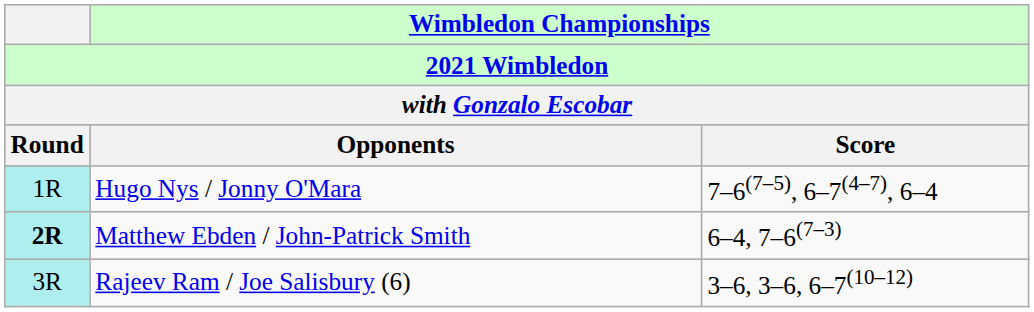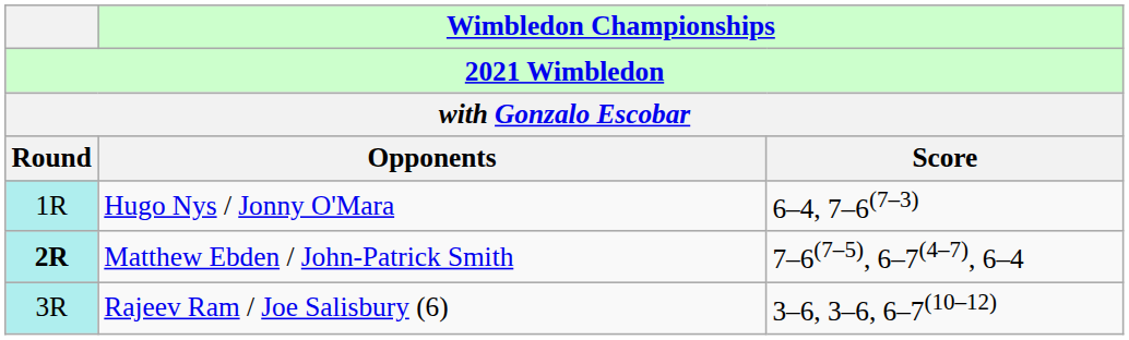 <table class="wikitable collapsible collapsed">
 <tr>
 <th></th>
 <th colspan=2 style="background:#cfc;"><a href='#'>Wimbledon Championships</a></th>
 </tr>
 <tr>
 <th colspan=3 style="background:#cfc;"><a href='#'>2021 Wimbledon</a></th>
 </tr>
 <tr>
 <th colspan=3><em>with  <a href='#'>Gonzalo Escobar</a></em></th>
 </tr>
 <tr>
 <th>Round</th>
 <th width=380>Opponents</th>
 <th width=200>Score</th>
 </tr>
 <tr>
 <td style="text-align:center; background:#afeeee;">1R</td>
 <td> <a href='#'>Hugo Nys</a> /  <a href='#'>Jonny O'Mara</a></td>
-<td>7–6<sup>(7–5)</sup>, 6–7<sup>(4–7)</sup>, 6–4</td>
+<td>6–4, 7–6<sup>(7–3)</sup></td>
 </tr>
 <tr>
 <td style="text-align:center; background:#afeeee;"><strong>2R</strong></td>
 <td> <a href='#'>Matthew Ebden</a> /  <a href='#'>John-Patrick Smith</a></td>
-<td>6–4, 7–6<sup>(7–3)</sup></td>
+<td>7–6<sup>(7–5)</sup>, 6–7<sup>(4–7)</sup>, 6–4</td>
 </tr>
 <tr>
 <td style="text-align:center; background:#afeeee;">3R</td>
 <td> <a href='#'>Rajeev Ram</a> /  <a href='#'>Joe Salisbury</a> (6)</td>
 <td>3–6, 3–6, 6–7<sup>(10–12)</sup></td>
 </tr>
 </table>
